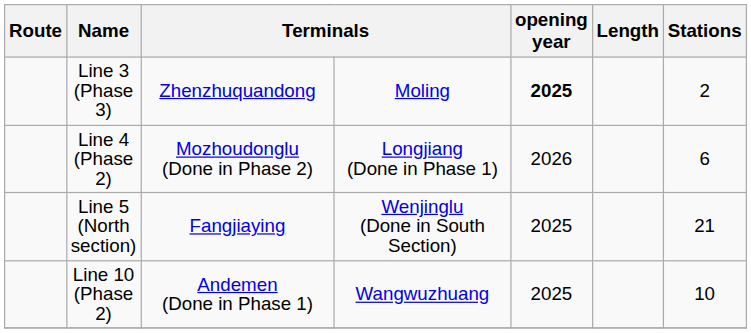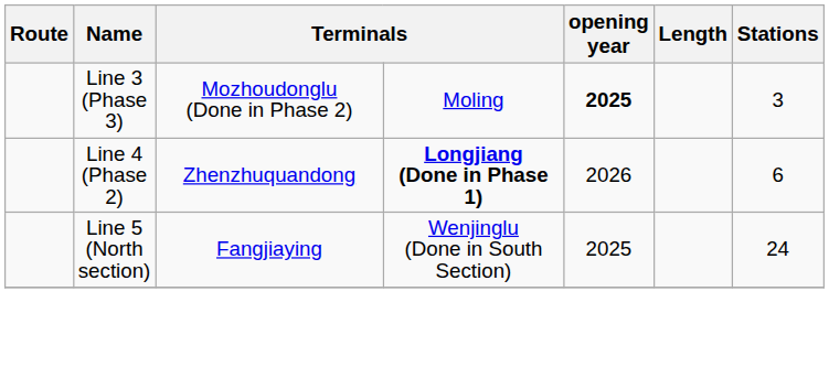 <table class="wikitable sortable" style="cell-padding:1.5; font-size:96%; text-align:center;">
 <tr>
 <th scope="col" style="line-height:1.05" data-sort-type="number">Route</th>
 <th scope="col" style="line-height:1.05" data-sort-type="text">Name</th>
 <th scope="col" colspan="2" class="unsortable" style="width:450px; line-height:1.05">Terminals</th>
 <th scope="col" data-sort-type="number"> opening year</th>
 <th scope="col" style="line-height:1.05" data-sort-type="number">Length</th>
 <th scope="col" style="line-height:1.05" data-sort-type="number">Stations</th>
 </tr>
 <tr>
 <td style="text-align:center; line-height:1.05"></td>
 <td style="text-align:center; line-height:1.05">Line 3 (Phase 3)</td>
-<td style="text-align:center; width:225px; line-height:1.05"><a href='#'>Zhenzhuquandong</a></td>
+<td style="text-align:center; width:225px; line-height:1.05"><a href='#'>Mozhoudonglu</a><br>(Done in Phase 2)</td>
 <td style="text-align:center; width:225px; line-height:1.05"><a href='#'>Moling</a></td>
 <td style="text-align:center; line-height:1.05"><strong>2025</strong></td>
 <td style="text-align:center; line-height:1.05"></td>
-<td style="text-align:center; line-height:1.05">2</td>
+<td style="text-align:center; line-height:1.05">3</td>
 </tr>
 <tr>
 <td style="text-align:center; line-height:1.05"></td>
 <td style="text-align:center; line-height:1.05">Line 4 (Phase 2)</td>
-<td style="text-align:center; width:225px; line-height:1.05"><a href='#'>Mozhoudonglu</a><br>(Done in Phase 2)</td>
-<td style="text-align:center; width:225px; line-height:1.05"><a href='#'>Longjiang</a><br>(Done in Phase 1)</td>
+<td style="text-align:center; width:225px; line-height:1.05"><a href='#'>Zhenzhuquandong</a></td>
+<td style="text-align:center; width:225px; line-height:1.05"><strong><a href='#'>Longjiang</a><br>(Done in Phase 1)</strong></td>
 <td style="text-align:center; line-height:1.05">2026</td>
 <td style="text-align:center; line-height:1.05"></td>
 <td style="text-align:center; line-height:1.05">6</td>
 </tr>
 <tr>
 <td style="text-align:center; line-height:1.05"></td>
 <td style="text-align:center; line-height:1.05">Line 5 (North section)</td>
 <td style="text-align:center; width:225px; line-height:1.05"><a href='#'>Fangjiaying</a></td>
 <td style="text-align:center; width:225px; line-height:1.05"><a href='#'>Wenjinglu</a><br>(Done in South Section)</td>
 <td style="text-align:center; line-height:1.05">2025</td>
 <td style="text-align:center; line-height:1.05"></td>
-<td style="text-align:center; line-height:1.05">21</td>
-</tr>
-<tr>
-<td style="text-align:center; line-height:1.05"></td>
-<td style="text-align:center; line-height:1.05">Line 10 (Phase 2)</td>
-<td style="text-align:center; width:225px; line-height:1.05"><a href='#'>Andemen</a><br>(Done in Phase 1)</td>
-<td style="text-align:center; width:225px; line-height:1.05"><a href='#'>Wangwuzhuang</a></td>
-<td style="text-align:center; line-height:1.05">2025</td>
-<td style="text-align:center; line-height:1.05"></td>
-<td style="text-align:center; line-height:1.05">10</td>
+<td style="text-align:center; line-height:1.05">24</td>
 </tr>
 <tr class="sortbottom">
 </tr>
 </table>
